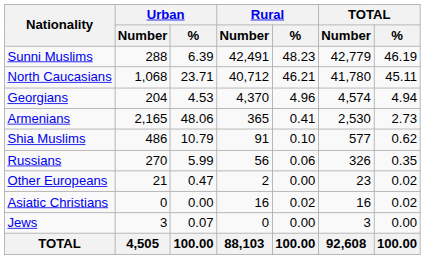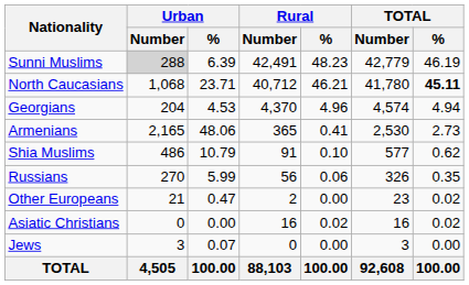 <table class="wikitable sortable">
 <tr>
 <th rowspan="2">Nationality</th>
 <th colspan="2"><a href='#'>Urban</a></th>
 <th colspan="2"><a href='#'>Rural</a></th>
 <th colspan="2">TOTAL</th>
 </tr>
 <tr>
 <th>Number</th>
 <th>%</th>
 <th>Number</th>
 <th>%</th>
 <th>Number</th>
 <th>%</th>
 </tr>
 <tr>
 <td><a href='#'>Sunni Muslims</a></td>
-<td align="right">288</td>
+<td align="right" style="background: lightgrey;">288</td>
 <td align="right">6.39</td>
 <td align="right">42,491</td>
 <td align="right">48.23</td>
 <td align="right">42,779</td>
 <td align="right">46.19</td>
 </tr>
 <tr>
 <td><a href='#'>North Caucasians</a></td>
 <td align="right">1,068</td>
 <td align="right">23.71</td>
 <td align="right">40,712</td>
 <td align="right">46.21</td>
 <td align="right">41,780</td>
-<td align="right">45.11</td>
+<td align="right"><strong>45.11</strong></td>
 </tr>
 <tr>
 <td><a href='#'>Georgians</a></td>
 <td align="right">204</td>
 <td align="right">4.53</td>
 <td align="right">4,370</td>
 <td align="right">4.96</td>
 <td align="right">4,574</td>
 <td align="right">4.94</td>
 </tr>
 <tr>
 <td><a href='#'>Armenians</a></td>
 <td align="right">2,165</td>
 <td align="right">48.06</td>
 <td align="right">365</td>
 <td align="right">0.41</td>
 <td align="right">2,530</td>
 <td align="right">2.73</td>
 </tr>
 <tr>
 <td><a href='#'>Shia Muslims</a></td>
 <td align="right">486</td>
 <td align="right">10.79</td>
 <td align="right">91</td>
 <td align="right">0.10</td>
 <td align="right">577</td>
 <td align="right">0.62</td>
 </tr>
 <tr>
 <td><a href='#'>Russians</a></td>
 <td align="right">270</td>
 <td align="right">5.99</td>
 <td align="right">56</td>
 <td align="right">0.06</td>
 <td align="right">326</td>
 <td align="right">0.35</td>
 </tr>
 <tr>
 <td><a href='#'>Other Europeans</a></td>
 <td align="right">21</td>
 <td align="right">0.47</td>
 <td align="right">2</td>
 <td align="right">0.00</td>
 <td align="right">23</td>
 <td align="right">0.02</td>
 </tr>
 <tr>
 <td><a href='#'>Asiatic Christians</a></td>
 <td align="right">0</td>
 <td align="right">0.00</td>
 <td align="right">16</td>
 <td align="right">0.02</td>
 <td align="right">16</td>
 <td align="right">0.02</td>
 </tr>
 <tr>
 <td><a href='#'>Jews</a></td>
 <td align="right">3</td>
 <td align="right">0.07</td>
 <td align="right">0</td>
 <td align="right">0.00</td>
 <td align="right">3</td>
 <td align="right">0.00</td>
 </tr>
 <tr>
 <th>TOTAL</th>
 <th>4,505</th>
 <th>100.00</th>
 <th>88,103</th>
 <th>100.00</th>
 <th><strong>92,608</strong></th>
 <th>100.00</th>
 </tr>
 </table>
